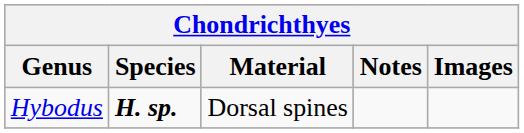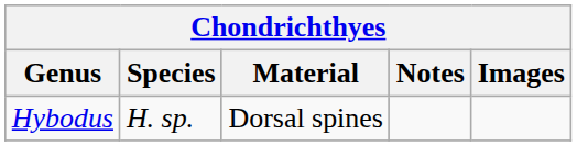 <table class="wikitable">
 <tr>
 <th colspan="5"><a href='#'>Chondrichthyes</a></th>
 </tr>
 <tr>
 <th>Genus</th>
 <th>Species</th>
 <th>Material</th>
 <th>Notes</th>
 <th>Images</th>
 </tr>
 <tr>
 <td><em><a href='#'>Hybodus</a></em></td>
-<td><strong><em>H. sp.</em></strong></td>
+<td><em>H. sp.</em></td>
 <td>Dorsal spines</td>
 <td></td>
 <td></td>
 </tr>
 </table>
